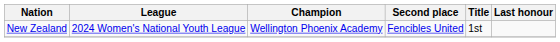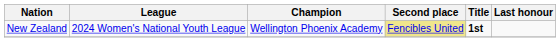 <table class="wikitable sortable">
 <tr>
 <th>Nation</th>
 <th>League</th>
 <th>Champion</th>
 <th>Second place</th>
 <th data-sort-type="number">Title</th>
 <th>Last honour</th>
 </tr>
 <tr>
 <td> <a href='#'>New Zealand</a></td>
 <td><a href='#'>2024 Women's National Youth League</a></td>
 <td><a href='#'>Wellington Phoenix Academy</a></td>
-<td><a href='#'>Fencibles United</a></td>
-<td>1st</td>
+<td style="background: khaki;"><a href='#'>Fencibles United</a></td>
+<td><strong>1st</strong></td>
 <td></td>
 </tr>
 <tr>
 </tr>
 </table>
